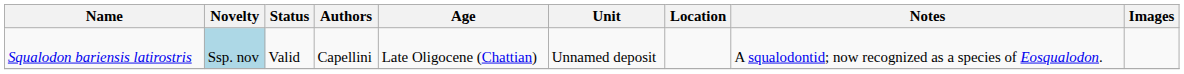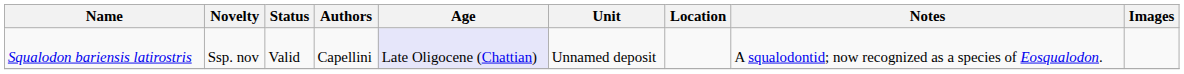 <table class="wikitable sortable" align="center" width="100%">
 <tr>
 <th>Name</th>
 <th>Novelty</th>
 <th>Status</th>
 <th>Authors</th>
 <th>Age</th>
 <th>Unit</th>
 <th>Location</th>
 <th>Notes</th>
 <th>Images</th>
 </tr>
 <tr>
 <td><br><em><a href='#'>Squalodon bariensis latirostris</a></em></td>
-<td style="background: lightblue;"><br>Ssp. nov</td>
+<td><br>Ssp. nov</td>
 <td><br>Valid</td>
 <td><br>Capellini</td>
-<td><br>Late Oligocene (<a href='#'>Chattian</a>)</td>
+<td style="background: lavender;"><br>Late Oligocene (<a href='#'>Chattian</a>)</td>
 <td><br>Unnamed deposit</td>
 <td><br></td>
 <td><br>A <a href='#'>squalodontid</a>; now recognized as a species of <em><a href='#'>Eosqualodon</a></em>.</td>
 <td></td>
 </tr>
 <tr>
 </tr>
 </table>
